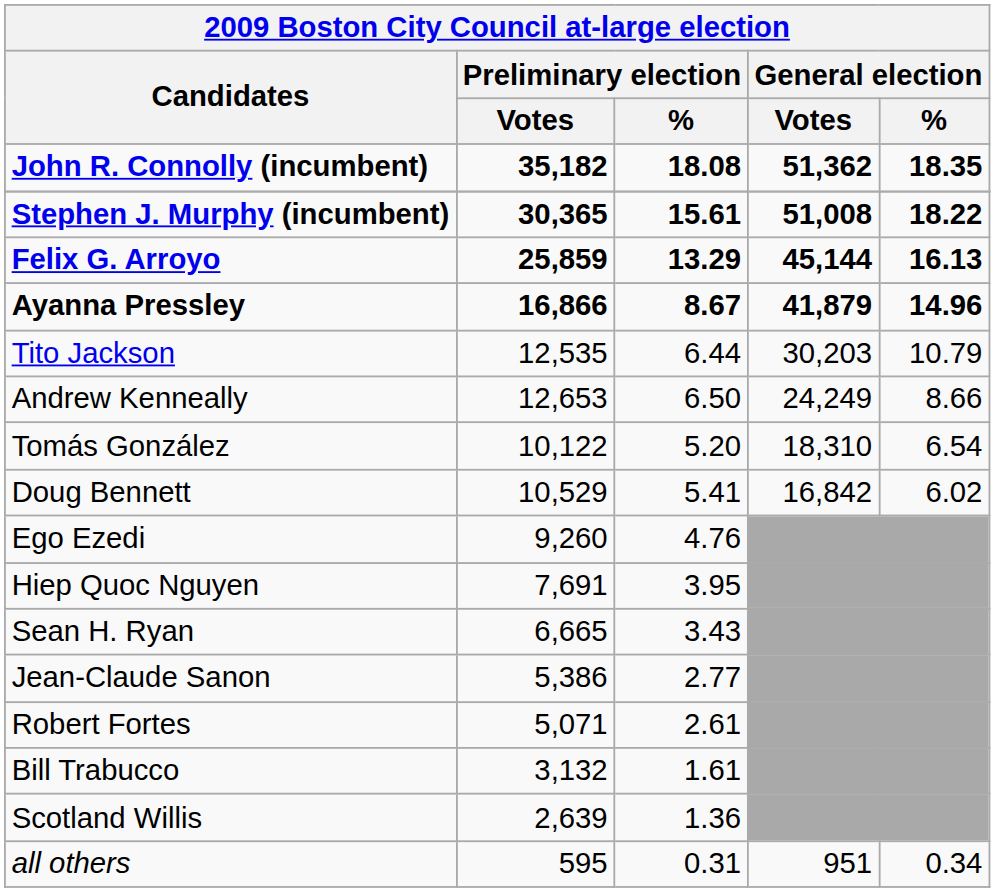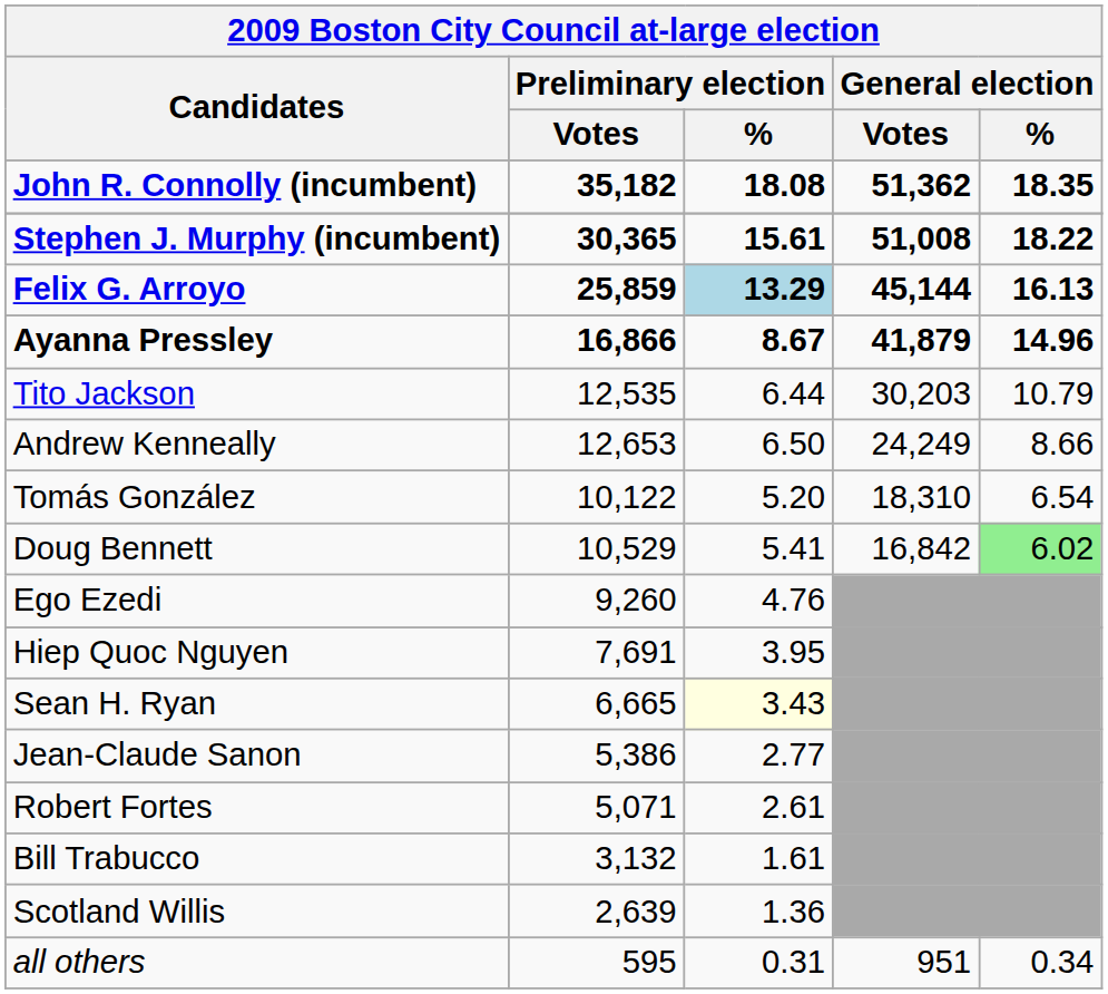 <table class=wikitable>
 <tr>
 <th colspan=5><a href='#'>2009 Boston City Council at-large election</a></th>
 </tr>
 <tr>
 <th colspan=1 rowspan=2><strong>Candidates</strong></th>
 <th colspan=2><strong>Preliminary election</strong></th>
 <th colspan=2><strong>General election</strong></th>
 </tr>
 <tr>
 <th>Votes</th>
 <th>%</th>
 <th>Votes</th>
 <th>%</th>
 </tr>
 <tr>
 <td><strong><a href='#'>John R. Connolly</a> (incumbent)</strong></td>
 <td align="right"><strong>35,182</strong></td>
 <td align="right"><strong>18.08</strong></td>
 <td align="right"><strong>51,362</strong></td>
 <td align="right"><strong>18.35</strong></td>
 </tr>
 <tr>
 </tr>
 <tr>
 <td><strong><a href='#'>Stephen J. Murphy</a> (incumbent)</strong></td>
 <td align="right"><strong>30,365</strong></td>
 <td align="right"><strong>15.61</strong></td>
 <td align="right"><strong>51,008</strong></td>
 <td align="right"><strong>18.22</strong></td>
 </tr>
 <tr>
 <td><strong><a href='#'>Felix G. Arroyo</a></strong></td>
 <td align="right"><strong>25,859</strong></td>
-<td align="right"><strong>13.29</strong></td>
+<td align="right" style="background: lightblue;"><strong>13.29</strong></td>
 <td align="right"><strong>45,144</strong></td>
 <td align="right"><strong>16.13</strong></td>
 </tr>
 <tr>
 <td><strong>Ayanna Pressley</strong></td>
 <td align="right"><strong>16,866</strong></td>
 <td align="right"><strong>8.67</strong></td>
 <td align="right"><strong>41,879</strong></td>
 <td align="right"><strong>14.96</strong></td>
 </tr>
 <tr>
 <td><a href='#'>Tito Jackson</a></td>
 <td align="right">12,535</td>
 <td align="right">6.44</td>
 <td align="right">30,203</td>
 <td align="right">10.79</td>
 </tr>
 <tr>
 <td>Andrew Kenneally</td>
 <td align="right">12,653</td>
 <td align="right">6.50</td>
 <td align="right">24,249</td>
 <td align="right">8.66</td>
 </tr>
 <tr>
 <td>Tomás González</td>
 <td align="right">10,122</td>
 <td align="right">5.20</td>
 <td align="right">18,310</td>
 <td align="right">6.54</td>
 </tr>
 <tr>
 <td>Doug Bennett</td>
 <td align="right">10,529</td>
 <td align="right">5.41</td>
 <td align="right">16,842</td>
-<td align="right">6.02</td>
+<td align="right" style="background: lightgreen;">6.02</td>
 </tr>
 <tr>
 <td>Ego Ezedi</td>
 <td align="right">9,260</td>
 <td align="right">4.76</td>
 <td colspan=2 bgcolor=darkgray></td>
 </tr>
 <tr>
 <td>Hiep Quoc Nguyen</td>
 <td align="right">7,691</td>
 <td align="right">3.95</td>
 <td colspan=2 bgcolor=darkgray></td>
 </tr>
 <tr>
 <td>Sean H. Ryan</td>
 <td align="right">6,665</td>
-<td align="right">3.43</td>
+<td align="right" style="background: lightyellow;">3.43</td>
 <td colspan=2 bgcolor=darkgray></td>
 </tr>
 <tr>
 <td>Jean-Claude Sanon</td>
 <td align="right">5,386</td>
 <td align="right">2.77</td>
 <td colspan=2 bgcolor=darkgray></td>
 </tr>
 <tr>
 <td>Robert Fortes</td>
 <td align="right">5,071</td>
 <td align="right">2.61</td>
 <td colspan=2 bgcolor=darkgray></td>
 </tr>
 <tr>
 <td>Bill Trabucco</td>
 <td align="right">3,132</td>
 <td align="right">1.61</td>
 <td colspan=2 bgcolor=darkgray></td>
 </tr>
 <tr>
 <td>Scotland Willis</td>
 <td align="right">2,639</td>
 <td align="right">1.36</td>
 <td colspan=2 bgcolor=darkgray></td>
 </tr>
 <tr>
 <td><em>all others</em></td>
 <td align="right">595</td>
 <td align="right">0.31</td>
 <td align="right">951</td>
 <td align="right">0.34</td>
 </tr>
 </table>
